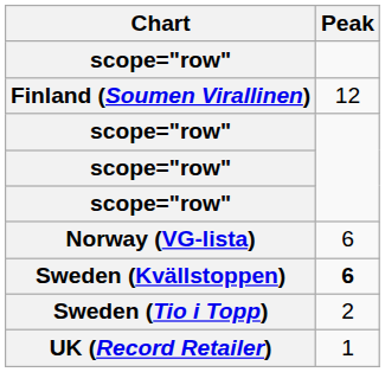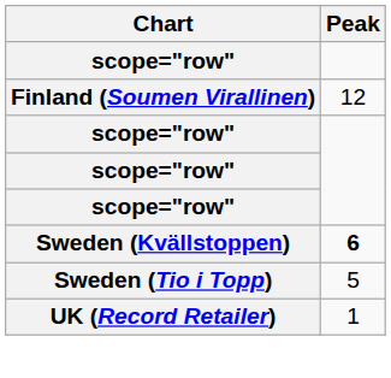 <table class="wikitable sortable plainrowheaders" style="text-align:center;">
 <tr>
 <th scope="col">Chart</th>
 <th scope="col">Peak</th>
 </tr>
 <tr>
 <th>scope="row" </th>
 </tr>
 <tr>
 <th scope="row">Finland (<a href='#'><em>Soumen Virallinen</em></a>)</th>
 <td style="text-align:center;">12</td>
 </tr>
 <tr>
 <th>scope="row" </th>
 </tr>
 <tr>
 <th>scope="row" </th>
 </tr>
 <tr>
 <th>scope="row" </th>
 </tr>
 <tr>
-<th scope="row">Norway (<a href='#'>VG-lista</a>)</th>
-<td>6</td>
-</tr>
-<tr>
 <th scope="row">Sweden (<a href='#'>Kvällstoppen</a>)</th>
 <td style="text-align:center;"><strong>6</strong></td>
 </tr>
 <tr>
 <th scope="row">Sweden (<em><a href='#'>Tio i Topp</a></em>)</th>
-<td style="text-align:center;">2</td>
+<td style="text-align:center;">5</td>
 </tr>
 <tr>
 <th scope="row">UK (<em><a href='#'>Record Retailer</a></em>)</th>
 <td>1</td>
 </tr>
 </table>
